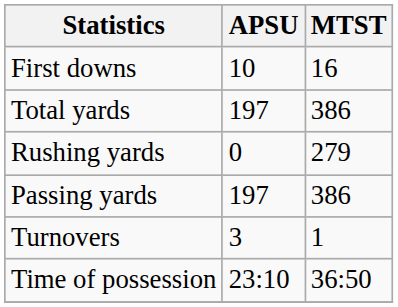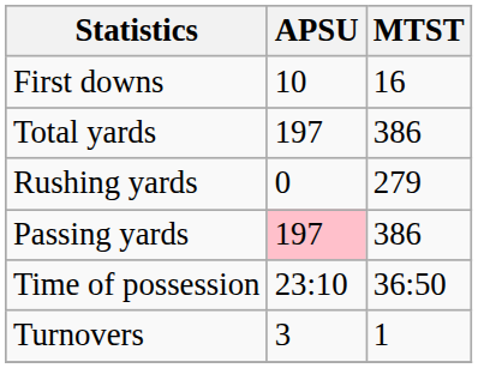 <table class="wikitable">
 <tr>
 <th>Statistics</th>
 <th>APSU</th>
 <th>MTST</th>
 </tr>
 <tr>
 <td>First downs</td>
 <td>10</td>
 <td>16</td>
 </tr>
 <tr>
 <td>Total yards</td>
 <td>197</td>
 <td>386</td>
 </tr>
 <tr>
 <td>Rushing yards</td>
 <td>0</td>
 <td>279</td>
 </tr>
 <tr>
 <td>Passing yards</td>
-<td>197</td>
+<td style="background: pink;">197</td>
 <td>386</td>
+</tr>
+<tr>
+<td>Time of possession</td>
+<td>23:10</td>
+<td>36:50</td>
 </tr>
 <tr>
 <td>Turnovers</td>
 <td>3</td>
 <td>1</td>
 </tr>
 <tr>
-<td>Time of possession</td>
-<td>23:10</td>
-<td>36:50</td>
-</tr>
-<tr>
 </tr>
 </table>
